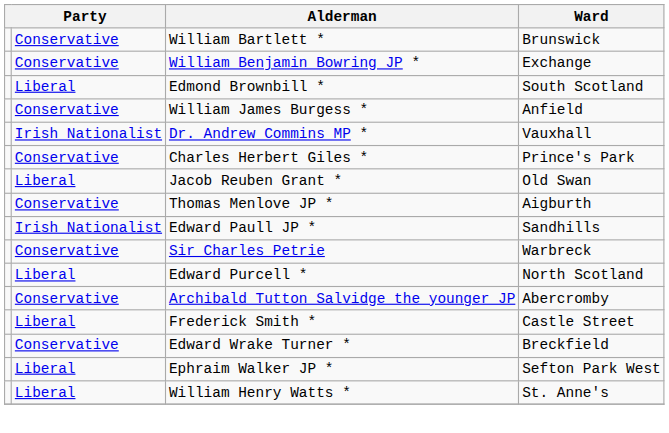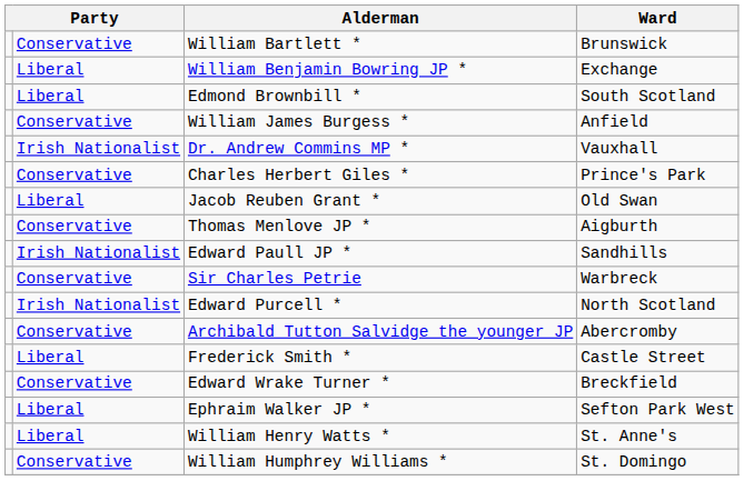 <table class="wikitable">
 <tr>
 <th colspan="2">Party</th>
 <th>Alderman</th>
 <th>Ward</th>
 </tr>
 <tr>
 <td style="background-color:"></td>
 <td><a href='#'>Conservative</a></td>
 <td>William Bartlett *</td>
 <td>Brunswick</td>
 </tr>
 <tr>
 <td style="background-color:"></td>
-<td><a href='#'>Conservative</a></td>
+<td><a href='#'>Liberal</a></td>
 <td><a href='#'>William Benjamin Bowring JP</a> *</td>
 <td>Exchange</td>
 </tr>
 <tr>
 <td style="background-color:"></td>
 <td><a href='#'>Liberal</a></td>
 <td>Edmond Brownbill *</td>
 <td>South Scotland</td>
 </tr>
 <tr>
 <td style="background-color:"></td>
 <td><a href='#'>Conservative</a></td>
 <td>William James Burgess *</td>
 <td>Anfield</td>
 </tr>
 <tr>
 <td style="background-color:"></td>
 <td><a href='#'>Irish Nationalist</a></td>
 <td><a href='#'>Dr. Andrew Commins MP</a> *</td>
 <td>Vauxhall</td>
 </tr>
 <tr>
 <td style="background-color:"></td>
 <td><a href='#'>Conservative</a></td>
 <td>Charles Herbert Giles *</td>
 <td>Prince's Park</td>
 </tr>
 <tr>
 <td style="background-color:"></td>
 <td><a href='#'>Liberal</a></td>
 <td>Jacob Reuben Grant *</td>
 <td>Old Swan</td>
 </tr>
 <tr>
 <td style="background-color:"></td>
 <td><a href='#'>Conservative</a></td>
 <td>Thomas Menlove JP *</td>
 <td>Aigburth</td>
 </tr>
 <tr>
 <td style="background-color:"></td>
 <td><a href='#'>Irish Nationalist</a></td>
 <td>Edward Paull JP *</td>
 <td>Sandhills</td>
 </tr>
 <tr>
 <td style="background-color:"></td>
 <td><a href='#'>Conservative</a></td>
 <td><a href='#'>Sir Charles Petrie</a></td>
 <td>Warbreck</td>
 </tr>
 <tr>
 <td style="background-color:"></td>
-<td><a href='#'>Liberal</a></td>
+<td><a href='#'>Irish Nationalist</a></td>
 <td>Edward Purcell *</td>
 <td>North Scotland</td>
 </tr>
 <tr>
 <td style="background-color:"></td>
 <td><a href='#'>Conservative</a></td>
 <td><a href='#'>Archibald Tutton Salvidge the younger JP</a></td>
 <td>Abercromby</td>
 </tr>
 <tr>
 <td style="background-color:"></td>
 <td><a href='#'>Liberal</a></td>
 <td>Frederick Smith *</td>
 <td>Castle Street</td>
 </tr>
 <tr>
 <td style="background-color:"></td>
 <td><a href='#'>Conservative</a></td>
 <td>Edward Wrake Turner *</td>
 <td>Breckfield</td>
 </tr>
 <tr>
 <td style="background-color:"></td>
 <td><a href='#'>Liberal</a></td>
 <td>Ephraim Walker JP *</td>
 <td>Sefton Park West</td>
 </tr>
 <tr>
 <td style="background-color:"></td>
 <td><a href='#'>Liberal</a></td>
 <td>William Henry Watts *</td>
 <td>St. Anne's</td>
 </tr>
 <tr>
+<td style="background-color:"></td>
+<td><a href='#'>Conservative</a></td>
+<td>William Humphrey Williams *</td>
+<td>St. Domingo</td>
+</tr>
+<tr>
 </tr>
 </table>
